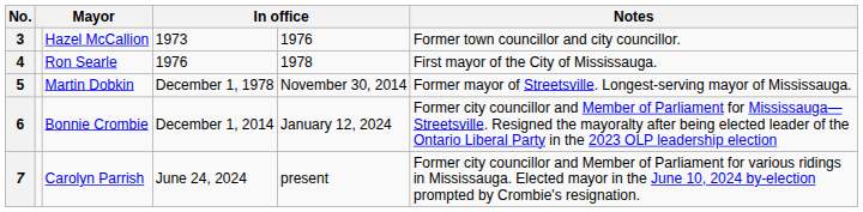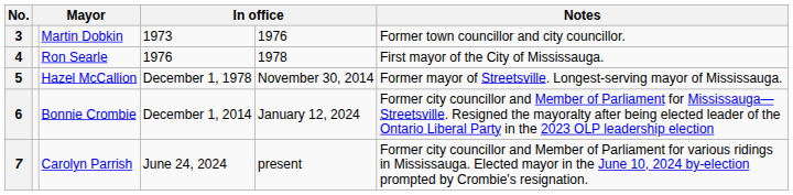 <table class="sortable wikitable" style="text-align:left; font-size:100%;">
 <tr>
 <th width="25px">No.</th>
 <th colspan="2" width="75px">Mayor</th>
 <th colspan="2" width="180px">In office</th>
 <th width="490px">Notes</th>
 </tr>
 <tr>
 <th>3</th>
 <td></td>
-<td><a href='#'>Hazel McCallion</a></td>
+<td><a href='#'>Martin Dobkin</a></td>
 <td>1973</td>
 <td>1976</td>
 <td>Former town councillor and city councillor.</td>
 </tr>
 <tr>
 <th>4</th>
 <td></td>
 <td><a href='#'>Ron Searle</a></td>
 <td>1976</td>
 <td>1978</td>
 <td>First mayor of the City of Mississauga.</td>
 </tr>
 <tr>
 <th>5</th>
 <td></td>
-<td><a href='#'>Martin Dobkin</a></td>
+<td><a href='#'>Hazel McCallion</a></td>
 <td>December 1, 1978</td>
 <td>November 30, 2014</td>
 <td>Former mayor of <a href='#'>Streetsville</a>. Longest-serving mayor of Mississauga.</td>
 </tr>
 <tr>
 <th>6</th>
 <td></td>
 <td><a href='#'>Bonnie Crombie</a></td>
 <td>December 1, 2014</td>
 <td>January 12, 2024</td>
 <td>Former city councillor and <a href='#'>Member of Parliament</a> for <a href='#'>Mississauga—Streetsville</a>. Resigned the mayoralty after being elected leader of the <a href='#'>Ontario Liberal Party</a> in the <a href='#'>2023 OLP leadership election</a></td>
 </tr>
 <tr>
 <th><em>7</em></th>
 <td></td>
 <td><a href='#'>Carolyn Parrish</a></td>
 <td>June 24, 2024</td>
 <td>present</td>
 <td>Former city councillor and Member of Parliament for various ridings in Mississauga. Elected mayor in the <a href='#'> June 10, 2024 by-election</a> prompted by Crombie's resignation.</td>
 </tr>
 </table>
